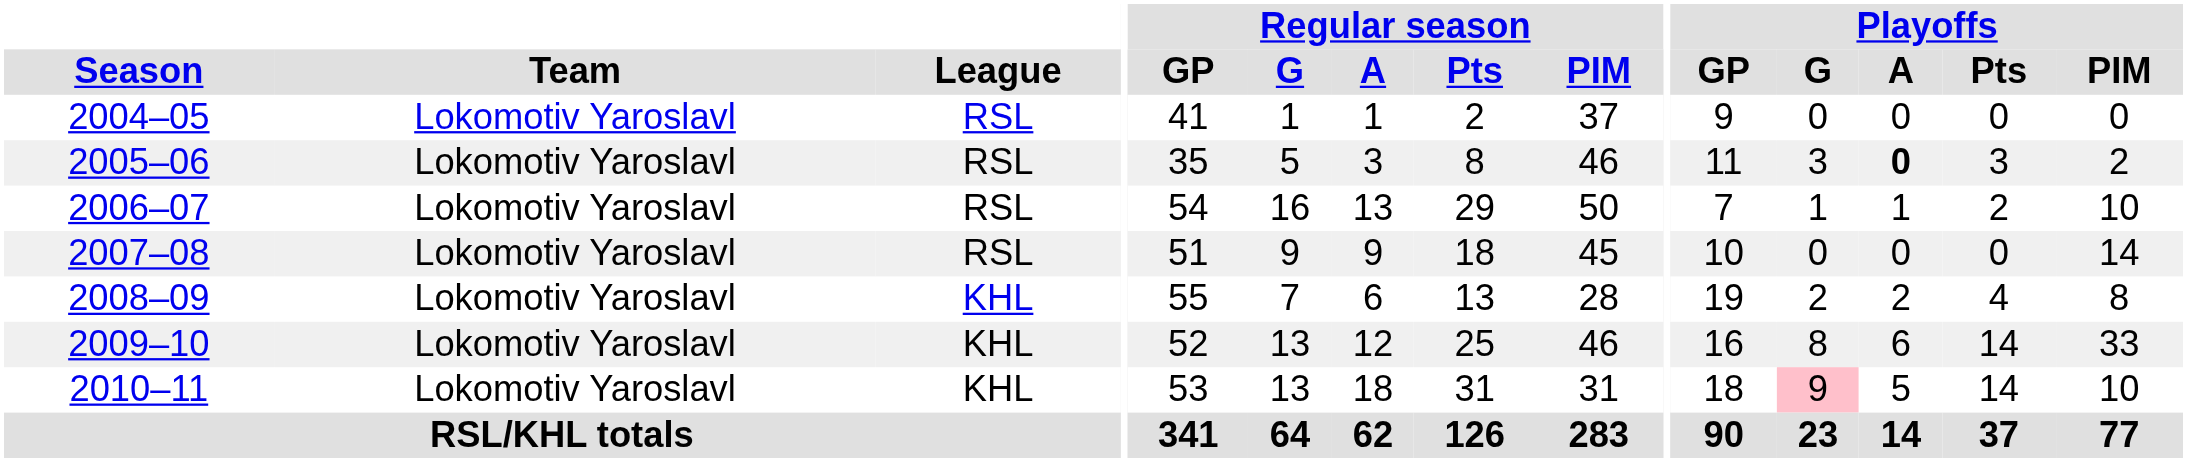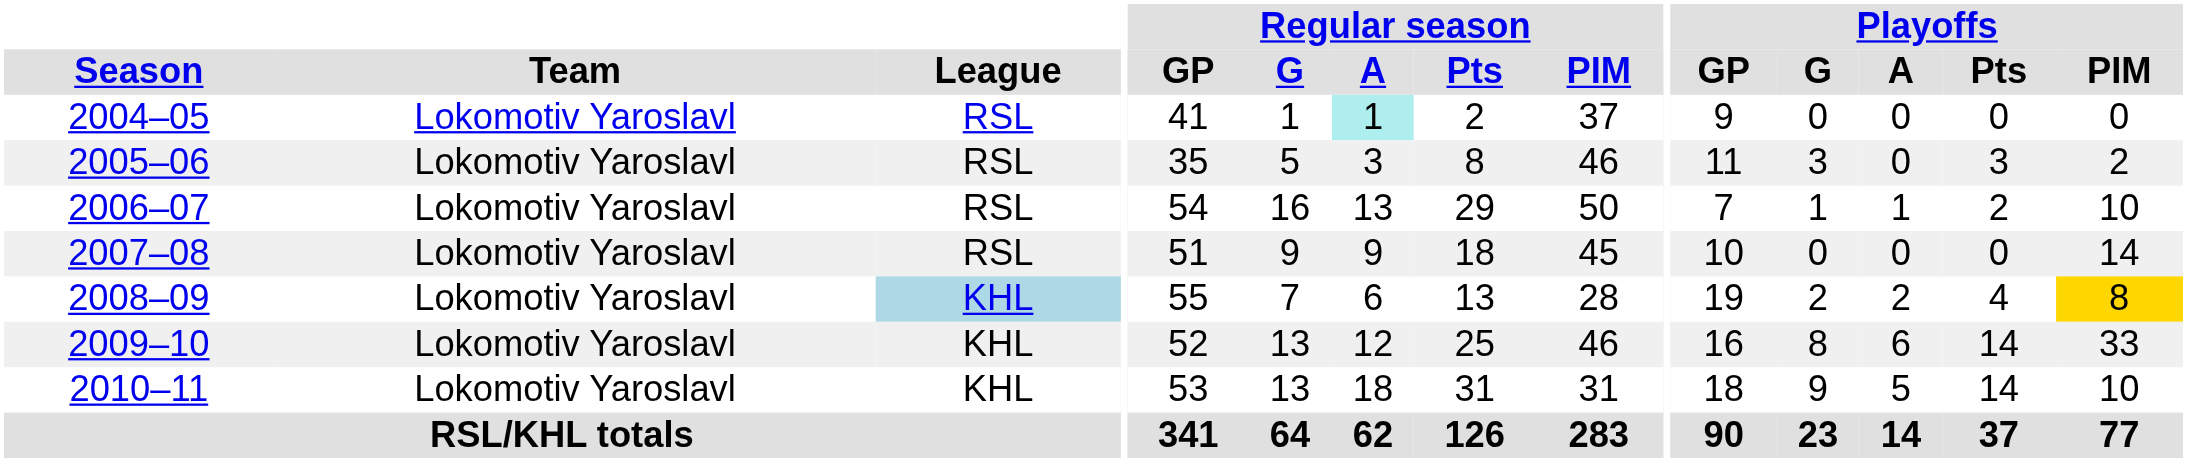 <table border="0" cellpadding="1" cellspacing="0" style="text-align:center; width:60em">
 <tr bgcolor="#e0e0e0">
 <th colspan="3" bgcolor="#ffffff"></th>
 <th rowspan="99" bgcolor="#ffffff"></th>
 <th colspan="5"><a href='#'>Regular season</a></th>
 <th rowspan="99" bgcolor="#ffffff"></th>
 <th colspan="5"><a href='#'>Playoffs</a></th>
 </tr>
 <tr bgcolor="#e0e0e0">
 <th><a href='#'>Season</a></th>
 <th>Team</th>
 <th>League</th>
 <th>GP</th>
 <th><a href='#'>G</a></th>
 <th><a href='#'>A</a></th>
 <th><a href='#'>Pts</a></th>
 <th><a href='#'>PIM</a></th>
 <th>GP</th>
 <th>G</th>
 <th>A</th>
 <th>Pts</th>
 <th>PIM</th>
 </tr>
 <tr>
 <td><a href='#'>2004–05</a></td>
 <td><a href='#'>Lokomotiv Yaroslavl</a></td>
 <td><a href='#'>RSL</a></td>
 <td>41</td>
 <td>1</td>
-<td>1</td>
+<td style="background: paleturquoise;">1</td>
 <td>2</td>
 <td>37</td>
 <td>9</td>
 <td>0</td>
 <td>0</td>
 <td>0</td>
 <td>0</td>
 </tr>
 <tr style="background:#f0f0f0;">
 <td><a href='#'>2005–06</a></td>
 <td>Lokomotiv Yaroslavl</td>
 <td>RSL</td>
 <td>35</td>
 <td>5</td>
 <td>3</td>
 <td>8</td>
 <td>46</td>
 <td>11</td>
 <td>3</td>
-<td><strong>0</strong></td>
+<td>0</td>
 <td>3</td>
 <td>2</td>
 </tr>
 <tr>
 <td><a href='#'>2006–07</a></td>
 <td>Lokomotiv Yaroslavl</td>
 <td>RSL</td>
 <td>54</td>
 <td>16</td>
 <td>13</td>
 <td>29</td>
 <td>50</td>
 <td>7</td>
 <td>1</td>
 <td>1</td>
 <td>2</td>
 <td>10</td>
 </tr>
 <tr style="background:#f0f0f0;">
 <td><a href='#'>2007–08</a></td>
 <td>Lokomotiv Yaroslavl</td>
 <td>RSL</td>
 <td>51</td>
 <td>9</td>
 <td>9</td>
 <td>18</td>
 <td>45</td>
 <td>10</td>
 <td>0</td>
 <td>0</td>
 <td>0</td>
 <td>14</td>
 </tr>
 <tr>
 <td><a href='#'>2008–09</a></td>
 <td>Lokomotiv Yaroslavl</td>
-<td><a href='#'>KHL</a></td>
+<td style="background: lightblue;"><a href='#'>KHL</a></td>
 <td>55</td>
 <td>7</td>
 <td>6</td>
 <td>13</td>
 <td>28</td>
 <td>19</td>
 <td>2</td>
 <td>2</td>
 <td>4</td>
-<td>8</td>
+<td style="background: gold;">8</td>
 </tr>
 <tr style="background:#f0f0f0;">
 <td><a href='#'>2009–10</a></td>
 <td>Lokomotiv Yaroslavl</td>
 <td>KHL</td>
 <td>52</td>
 <td>13</td>
 <td>12</td>
 <td>25</td>
 <td>46</td>
 <td>16</td>
 <td>8</td>
 <td>6</td>
 <td>14</td>
 <td>33</td>
 </tr>
 <tr>
 <td><a href='#'>2010–11</a></td>
 <td>Lokomotiv Yaroslavl</td>
 <td>KHL</td>
 <td>53</td>
 <td>13</td>
 <td>18</td>
 <td>31</td>
 <td>31</td>
 <td>18</td>
-<td style="background: pink;">9</td>
+<td>9</td>
 <td>5</td>
 <td>14</td>
 <td>10</td>
 </tr>
 <tr bgcolor="#e0e0e0">
 <th colspan="3">RSL/KHL totals</th>
 <th>341</th>
 <th>64</th>
 <th>62</th>
 <th>126</th>
 <th>283</th>
 <th>90</th>
 <th>23</th>
 <th>14</th>
 <th>37</th>
 <th>77</th>
 </tr>
 </table>
